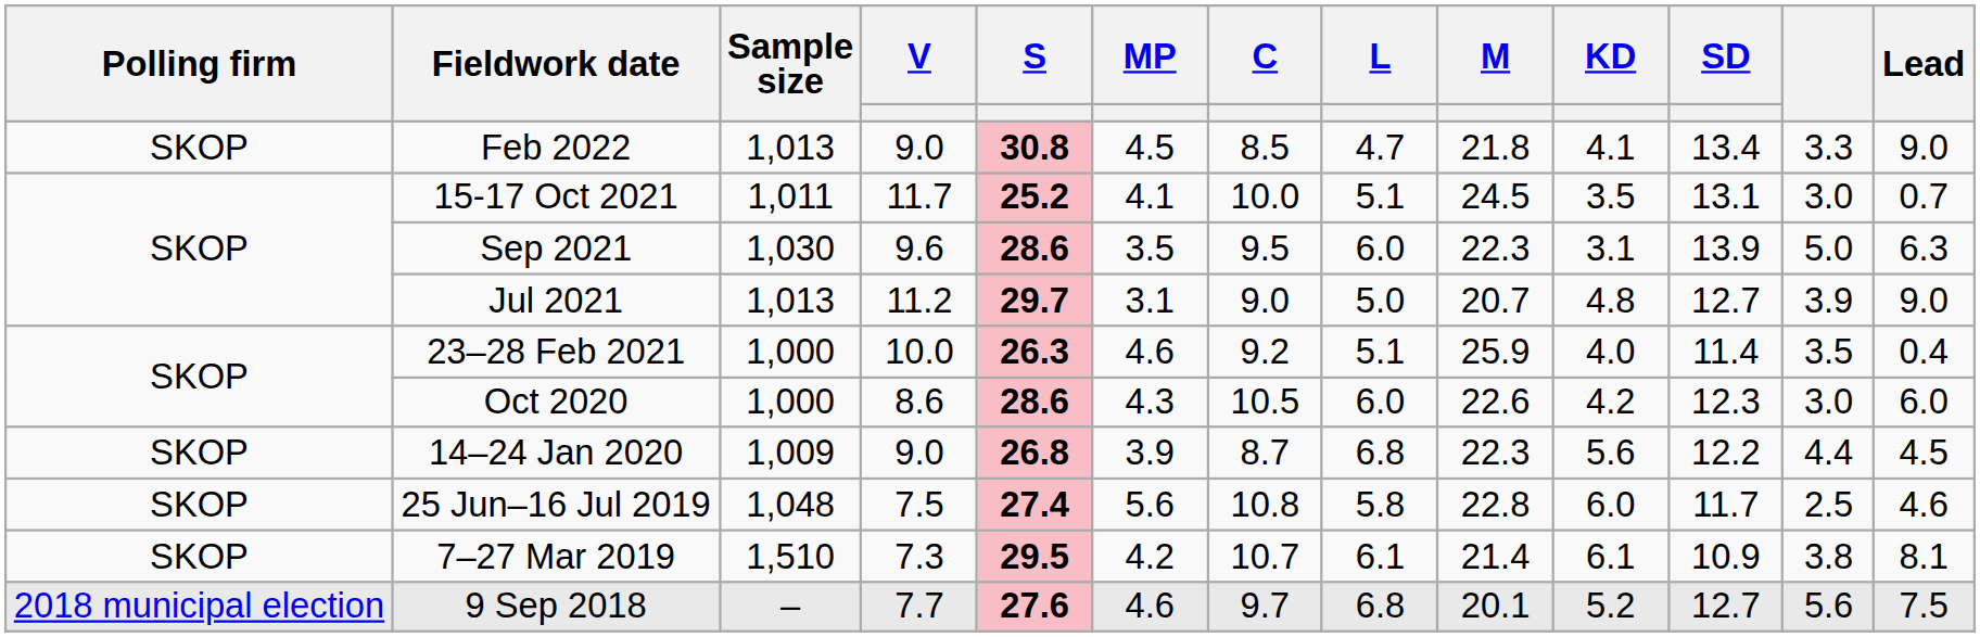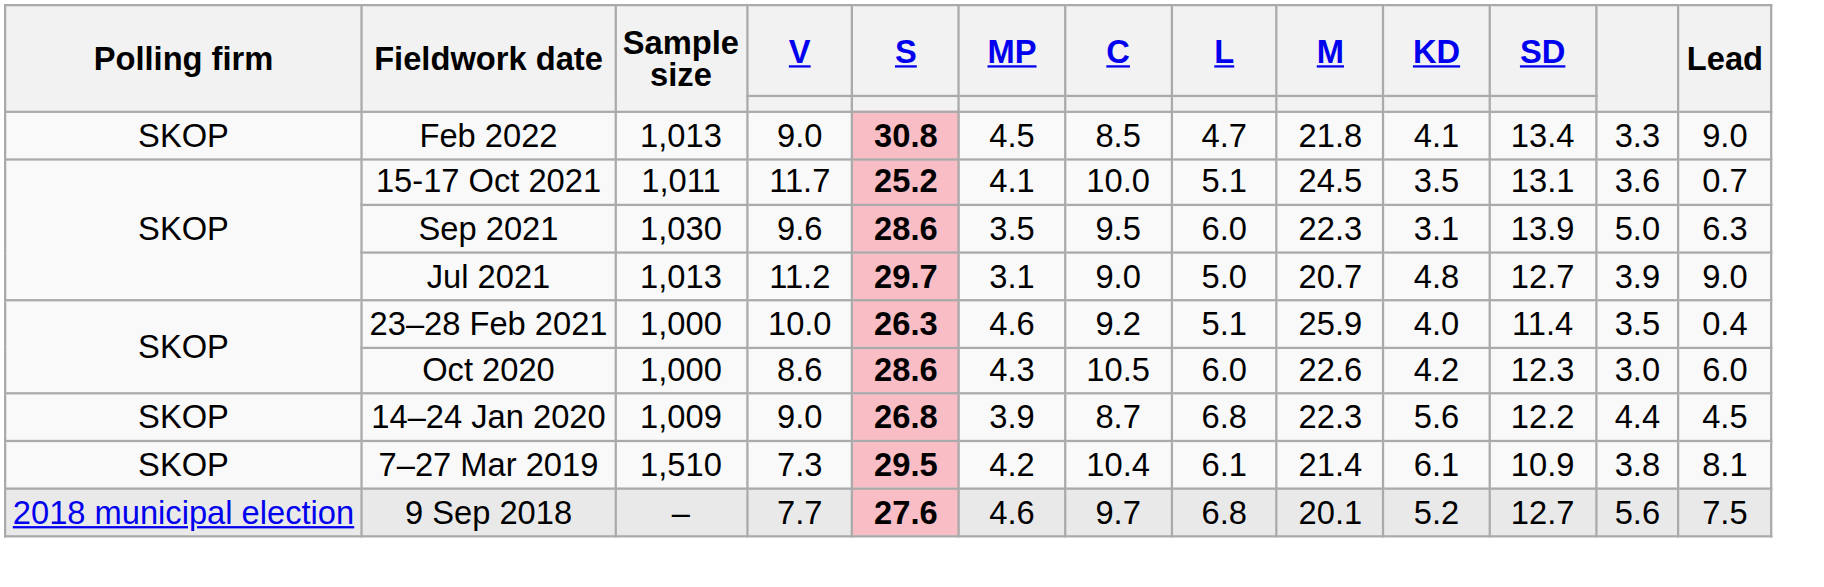 <table class="wikitable sortable" style="text-align:center;font-size:90%;line-height:14px;">
 <tr style="height:40px;">
 <th rowspan="2">Polling firm</th>
 <th rowspan="2">Fieldwork date</th>
 <th rowspan="2">Sample<br>size</th>
 <th class="sortable" style="width:40px;"><a href='#'>V</a></th>
 <th class="sortable" style="width:40px;"><a href='#'>S</a></th>
 <th class="sortable" style="width:40px;"><a href='#'>MP</a></th>
 <th class="sortable" style="width:40px;"><a href='#'>C</a></th>
 <th class="sortable" style="width:40px;"><a href='#'>L</a></th>
 <th class="sortable" style="width:40px;"><a href='#'>M</a></th>
 <th class="sortable" style="width:40px;"><a href='#'>KD</a></th>
 <th class="sortable" style="width:40px;"><a href='#'>SD</a></th>
 <th class="sortable" style="width:30px;" rowspan="2"></th>
 <th style="width:30px;" rowspan="2">Lead</th>
 </tr>
 <tr>
 <th style="background:"></th>
 <th style="background:"></th>
 <th style="background:"></th>
 <th style="background:"></th>
 <th style="background:"></th>
 <th style="background:"></th>
 <th style="background:"></th>
 <th style="background:"></th>
 </tr>
 <tr>
 <td>SKOP</td>
 <td>Feb 2022</td>
 <td>1,013</td>
 <td>9.0</td>
 <td style="background:#F9BDC5;"><strong>30.8</strong></td>
 <td>4.5</td>
 <td>8.5</td>
 <td>4.7</td>
 <td>21.8</td>
 <td>4.1</td>
 <td>13.4</td>
 <td>3.3</td>
 <td style="background:">9.0</td>
 </tr>
 <tr>
 <td rowspan="3">SKOP</td>
 <td>15-17 Oct 2021</td>
 <td>1,011</td>
 <td>11.7</td>
 <td style="background:#F9BDC5;"><strong>25.2</strong></td>
 <td>4.1</td>
 <td>10.0</td>
 <td>5.1</td>
 <td>24.5</td>
 <td>3.5</td>
 <td>13.1</td>
-<td>3.0</td>
+<td>3.6</td>
 <td style="background:">0.7</td>
 </tr>
 <tr>
 <td>Sep 2021</td>
 <td>1,030</td>
 <td>9.6</td>
 <td style="background:#F9BDC5;"><strong>28.6</strong></td>
 <td>3.5</td>
 <td>9.5</td>
 <td>6.0</td>
 <td>22.3</td>
 <td>3.1</td>
 <td>13.9</td>
 <td>5.0</td>
 <td style="background:">6.3</td>
 </tr>
 <tr>
 <td>Jul 2021</td>
 <td>1,013</td>
 <td>11.2</td>
 <td style="background:#F9BDC5;"><strong>29.7</strong></td>
 <td>3.1</td>
 <td>9.0</td>
 <td>5.0</td>
 <td>20.7</td>
 <td>4.8</td>
 <td>12.7</td>
 <td>3.9</td>
 <td style="background:">9.0</td>
 </tr>
 <tr>
 <td rowspan="2">SKOP</td>
 <td>23–28 Feb 2021</td>
 <td>1,000</td>
 <td>10.0</td>
 <td style="background:#F9BDC5;"><strong>26.3</strong></td>
 <td>4.6</td>
 <td>9.2</td>
 <td>5.1</td>
 <td>25.9</td>
 <td>4.0</td>
 <td>11.4</td>
 <td>3.5</td>
 <td style="background:">0.4</td>
 </tr>
 <tr>
 <td>Oct 2020</td>
 <td>1,000</td>
 <td>8.6</td>
 <td style="background:#F9BDC5;"><strong>28.6</strong></td>
 <td>4.3</td>
 <td>10.5</td>
 <td>6.0</td>
 <td>22.6</td>
 <td>4.2</td>
 <td>12.3</td>
 <td>3.0</td>
 <td style="background:">6.0</td>
 </tr>
 <tr>
 <td>SKOP</td>
 <td>14–24 Jan 2020</td>
 <td>1,009</td>
 <td>9.0</td>
 <td style="background:#F9BDC5;"><strong>26.8</strong></td>
 <td>3.9</td>
 <td>8.7</td>
 <td>6.8</td>
 <td>22.3</td>
 <td>5.6</td>
 <td>12.2</td>
 <td>4.4</td>
 <td style="background:">4.5</td>
 </tr>
 <tr>
 <td>SKOP</td>
-<td>25 Jun–16 Jul 2019</td>
-<td>1,048</td>
-<td>7.5</td>
-<td style="background:#F9BDC5;"><strong>27.4</strong></td>
-<td>5.6</td>
-<td>10.8</td>
-<td>5.8</td>
-<td>22.8</td>
-<td>6.0</td>
-<td>11.7</td>
-<td>2.5</td>
-<td style="background:">4.6</td>
-</tr>
-<tr>
-<td>SKOP</td>
 <td>7–27 Mar 2019</td>
 <td>1,510</td>
 <td>7.3</td>
 <td style="background:#F9BDC5;"><strong>29.5</strong></td>
 <td>4.2</td>
-<td>10.7</td>
+<td>10.4</td>
 <td>6.1</td>
 <td>21.4</td>
 <td>6.1</td>
 <td>10.9</td>
 <td>3.8</td>
 <td style="background:">8.1</td>
 </tr>
 <tr style="background:#E9E9E9;">
 <td><a href='#'>2018 municipal election</a></td>
 <td data-sort-value="2018-09-09">9 Sep 2018</td>
 <td>–</td>
 <td>7.7</td>
 <td style="background:#F9BDC5;"><strong>27.6</strong></td>
 <td>4.6</td>
 <td>9.7</td>
 <td>6.8</td>
 <td>20.1</td>
 <td>5.2</td>
 <td>12.7</td>
 <td>5.6</td>
 <td style="background:">7.5</td>
 </tr>
 </table>
